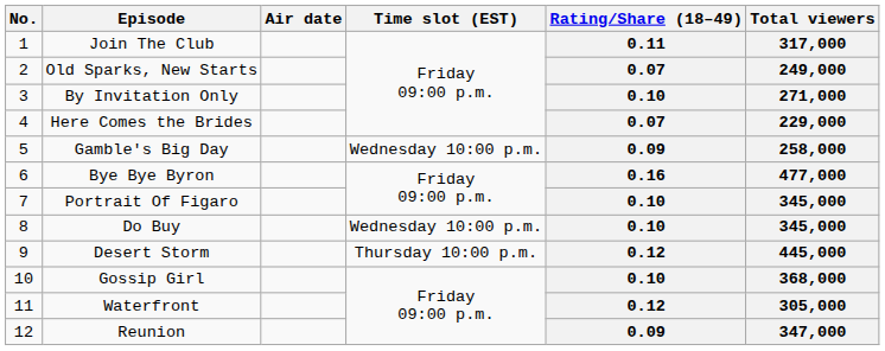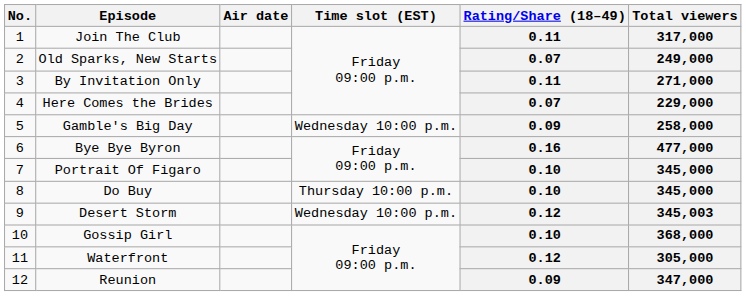 <table class="wikitable" style="text-align:center;">
 <tr>
 <th>No.</th>
 <th>Episode</th>
 <th>Air date</th>
 <th>Time slot (EST)</th>
 <th><a href='#'>Rating/Share</a> (18–49)</th>
 <th>Total viewers</th>
 </tr>
 <tr>
 <td style="text-align:center">1</td>
 <td>Join The Club</td>
 <td></td>
 <td style="text-align:center" rowspan="4">Friday<br>09:00 p.m.</td>
 <th>0.11</th>
 <th>317,000</th>
 </tr>
 <tr>
 <td style="text-align:center">2</td>
 <td>Old Sparks, New Starts</td>
 <td></td>
 <th>0.07</th>
 <th>249,000</th>
 </tr>
 <tr>
 <td style="text-align:center">3</td>
 <td>By Invitation Only</td>
 <td></td>
-<th>0.10</th>
+<th>0.11</th>
 <th>271,000</th>
 </tr>
 <tr>
 <td style="text-align:center">4</td>
 <td>Here Comes the Brides</td>
 <td></td>
 <th>0.07</th>
 <th>229,000</th>
 </tr>
 <tr>
 <td style="text-align:center">5</td>
 <td>Gamble's Big Day</td>
 <td></td>
 <td style="text-align:center">Wednesday 10:00 p.m.</td>
 <th>0.09</th>
 <th>258,000</th>
 </tr>
 <tr>
 <td style="text-align:center">6</td>
 <td>Bye Bye Byron</td>
 <td></td>
 <td style="text-align:center" rowspan="2">Friday<br>09:00 p.m.</td>
 <th>0.16</th>
 <th>477,000</th>
 </tr>
 <tr>
 <td style="text-align:center">7</td>
 <td>Portrait Of Figaro</td>
 <td></td>
 <th>0.10</th>
 <th>345,000</th>
 </tr>
 <tr>
 <td style="text-align:center">8</td>
 <td>Do Buy</td>
 <td></td>
-<td style="text-align:center">Wednesday 10:00 p.m.</td>
+<td style="text-align:center">Thursday 10:00 p.m.</td>
 <th>0.10</th>
 <th>345,000</th>
 </tr>
 <tr>
 <td style="text-align:center">9</td>
 <td>Desert Storm</td>
 <td></td>
-<td style="text-align:center">Thursday 10:00 p.m.</td>
+<td style="text-align:center">Wednesday 10:00 p.m.</td>
 <th>0.12</th>
-<th>445,000</th>
+<th>345,003</th>
 </tr>
 <tr>
 <td style="text-align:center">10</td>
 <td>Gossip Girl</td>
 <td></td>
 <td style="text-align:center" rowspan="3">Friday<br>09:00 p.m.</td>
 <th>0.10</th>
 <th>368,000</th>
 </tr>
 <tr>
 <td style="text-align:center">11</td>
 <td>Waterfront</td>
 <td></td>
 <th>0.12</th>
 <th>305,000</th>
 </tr>
 <tr>
 <td style="text-align:center">12</td>
 <td>Reunion</td>
 <td></td>
 <th>0.09</th>
 <th>347,000</th>
 </tr>
 </table>
